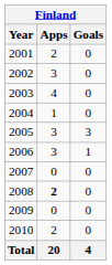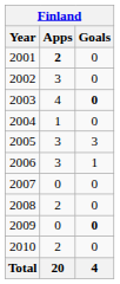 <table class=wikitable style=text-align:center>
 <tr>
 <th colspan=10><a href='#'>Finland</a></th>
 </tr>
 <tr>
 <th>Year</th>
 <th>Apps</th>
 <th>Goals</th>
 </tr>
 <tr>
 <td>2001</td>
-<td>2</td>
+<td><strong>2</strong></td>
 <td>0</td>
 </tr>
 <tr>
 <td>2002</td>
 <td>3</td>
 <td>0</td>
 </tr>
 <tr>
 <td>2003</td>
 <td>4</td>
-<td>0</td>
+<td><strong>0</strong></td>
 </tr>
 <tr>
 <td>2004</td>
 <td>1</td>
 <td>0</td>
 </tr>
 <tr>
 <td>2005</td>
 <td>3</td>
 <td>3</td>
 </tr>
 <tr>
 <td>2006</td>
 <td>3</td>
 <td>1</td>
 </tr>
 <tr>
 <td>2007</td>
 <td>0</td>
 <td>0</td>
 </tr>
 <tr>
 <td>2008</td>
-<td><strong>2</strong></td>
+<td>2</td>
 <td>0</td>
 </tr>
 <tr>
 <td>2009</td>
 <td>0</td>
-<td>0</td>
+<td><strong>0</strong></td>
 </tr>
 <tr>
 <td>2010</td>
 <td>2</td>
 <td>0</td>
 </tr>
 <tr>
 <th colspan=1>Total</th>
 <th>20</th>
 <th>4</th>
 </tr>
 </table>
